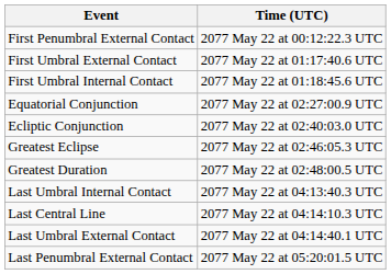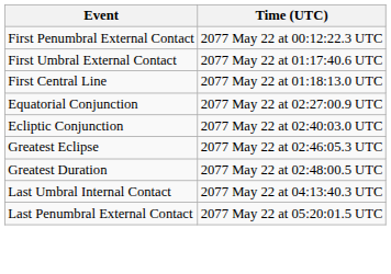 <table class="wikitable">
 <tr>
 <th>Event</th>
 <th>Time (UTC)</th>
 </tr>
 <tr>
 <td>First Penumbral External Contact</td>
 <td>2077 May 22 at 00:12:22.3 UTC</td>
 </tr>
 <tr>
 <td>First Umbral External Contact</td>
 <td>2077 May 22 at 01:17:40.6 UTC</td>
 </tr>
 <tr>
-<td>First Umbral Internal Contact</td>
-<td>2077 May 22 at 01:18:45.6 UTC</td>
+<td>First Central Line</td>
+<td>2077 May 22 at 01:18:13.0 UTC</td>
 </tr>
 <tr>
 <td>Equatorial Conjunction</td>
 <td>2077 May 22 at 02:27:00.9 UTC</td>
 </tr>
 <tr>
 <td>Ecliptic Conjunction</td>
 <td>2077 May 22 at 02:40:03.0 UTC</td>
 </tr>
 <tr>
 <td>Greatest Eclipse</td>
 <td>2077 May 22 at 02:46:05.3 UTC</td>
 </tr>
 <tr>
 <td>Greatest Duration</td>
 <td>2077 May 22 at 02:48:00.5 UTC</td>
 </tr>
 <tr>
 <td>Last Umbral Internal Contact</td>
 <td>2077 May 22 at 04:13:40.3 UTC</td>
 </tr>
 <tr>
-<td>Last Central Line</td>
-<td>2077 May 22 at 04:14:10.3 UTC</td>
-</tr>
-<tr>
-<td>Last Umbral External Contact</td>
-<td>2077 May 22 at 04:14:40.1 UTC</td>
-</tr>
-<tr>
 <td>Last Penumbral External Contact</td>
 <td>2077 May 22 at 05:20:01.5 UTC</td>
 </tr>
 </table>
